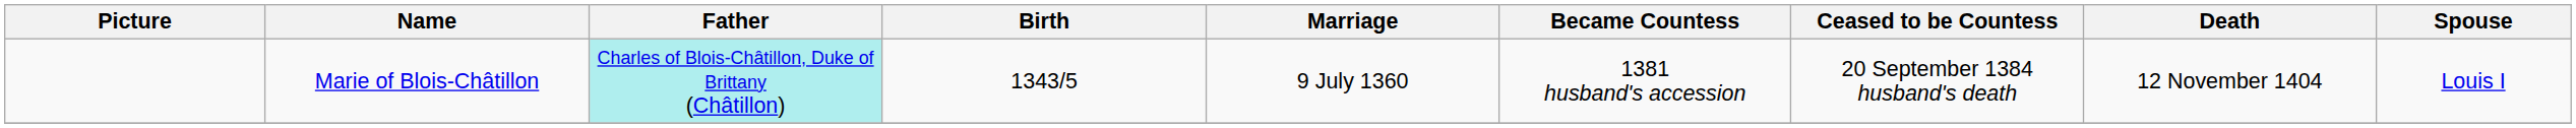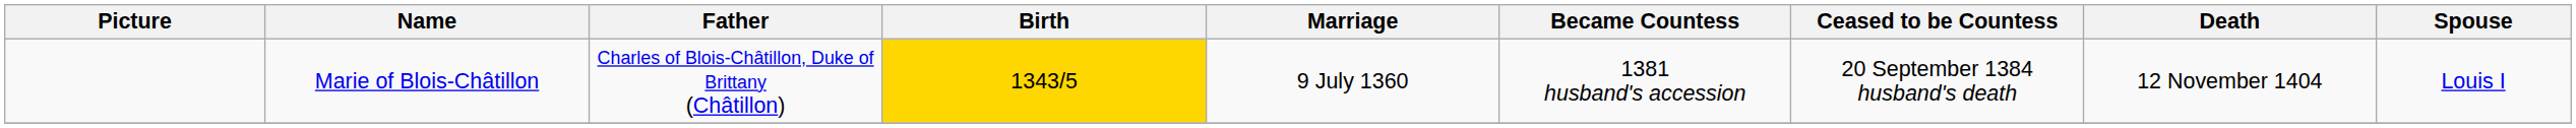 <table width=95% class="wikitable">
 <tr>
 <th width = "8%">Picture</th>
 <th width = "10%">Name</th>
 <th width = "9%">Father</th>
 <th width = "10%">Birth</th>
 <th width = "9%">Marriage</th>
 <th width = "9%">Became Countess</th>
 <th width = "9%">Ceased to be Countess</th>
 <th width = "9%">Death</th>
 <th width = "6%">Spouse</th>
 </tr>
 <tr>
 <td align="center"></td>
 <td align="center"><a href='#'>Marie of Blois-Châtillon</a></td>
-<td align="center" style="background: paleturquoise;"><small><a href='#'>Charles of Blois-Châtillon, Duke of Brittany</a></small> <br>(<a href='#'>Châtillon</a>)</td>
-<td align="center">1343/5</td>
+<td align="center"><small><a href='#'>Charles of Blois-Châtillon, Duke of Brittany</a></small> <br>(<a href='#'>Châtillon</a>)</td>
+<td align="center" style="background: gold;">1343/5</td>
 <td align="center">9 July 1360</td>
 <td align="center">1381<br><em>husband's accession</em></td>
 <td align="center">20 September 1384<br><em>husband's death</em></td>
 <td align="center">12 November 1404</td>
 <td align="center"><a href='#'>Louis I</a></td>
 </tr>
 <tr>
 </tr>
 </table>
